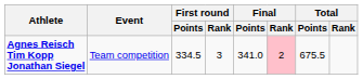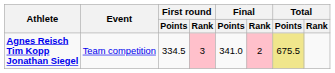 <table class="wikitable" style="font-size:90%">
 <tr>
 <th rowspan=2>Athlete</th>
 <th rowspan=2>Event</th>
 <th colspan=2>First round</th>
 <th colspan=2>Final</th>
 <th colspan=2>Total</th>
 </tr>
 <tr style="font-size:95%">
 <th>Points</th>
 <th>Rank</th>
 <th>Points</th>
 <th>Rank</th>
 <th>Points</th>
 <th>Rank</th>
 </tr>
 <tr align=center>
 <td align=left><strong><a href='#'>Agnes Reisch</a><br><a href='#'>Tim Kopp</a><br><a href='#'>Jonathan Siegel</a></strong></td>
 <td align=left><a href='#'>Team competition</a></td>
 <td>334.5</td>
-<td>3</td>
+<td style="background: pink;">3</td>
 <td>341.0</td>
 <td style="background: pink;">2</td>
-<td>675.5</td>
+<td style="background: khaki;">675.5</td>
 <td></td>
 </tr>
 </table>
